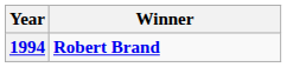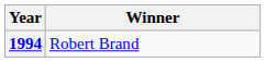 <table class="wikitable">
 <tr>
 <th>Year</th>
 <th Width=200>Winner</th>
 </tr>
 <tr>
 <th><a href='#'>1994</a></th>
-<td><strong> <a href='#'>Robert Brand</a></strong></td>
+<td> <a href='#'>Robert Brand</a></td>
 </tr>
 </table>
